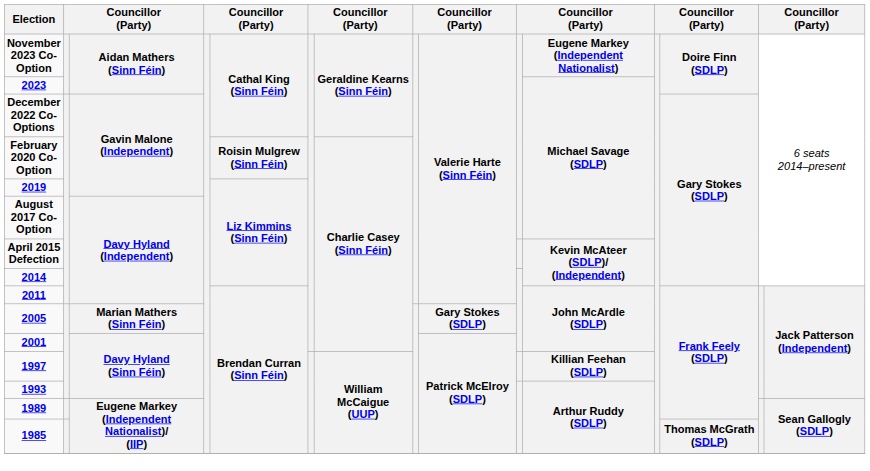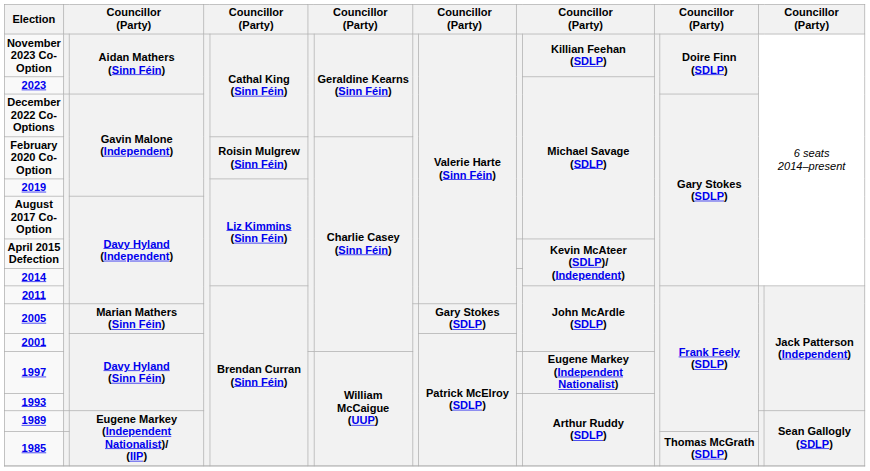 <table class="wikitable" style="text-align:center">
 <tr>
 <th scope="col" width="50">Election</th>
 <th scope="col" width="150" colspan = "2">Councillor<br> (Party)</th>
 <th scope="col" width="150" colspan = "2">Councillor<br> (Party)</th>
 <th scope="col" width="150" colspan = "2">Councillor<br> (Party)</th>
 <th scope="col" width="150" colspan = "2">Councillor<br> (Party)</th>
 <th scope="col" width="150" colspan = "2">Councillor<br> (Party)</th>
 <th scope="col" width="150" colspan = "2">Councillor<br> (Party)</th>
 <th scope="col" width="150" colspan = "2">Councillor<br> (Party)</th>
 </tr>
 <tr>
 <td><strong>November 2023 Co-Option</strong></td>
 <th rowspan="2" width="1" style="background-color: "></th>
 <th rowspan = "2">Aidan Mathers <br> (<a href='#'>Sinn Féin</a>)</th>
 <th rowspan="15" width="1" style="background-color: "></th>
 <th rowspan = "3">Cathal King <br> (<a href='#'>Sinn Féin</a>)</th>
 <th rowspan="11" width="1" style="background-color: "></th>
 <th rowspan = "3">Geraldine Kearns <br> (<a href='#'>Sinn Féin</a>)</th>
 <th rowspan="9" width="1" style="background-color: "></th>
 <th rowspan = "9">Valerie Harte <br> (<a href='#'>Sinn Féin</a>)</th>
 <th rowspan="6" width="1" style="background-color: "></th>
-<th rowspan = "1">Eugene Markey <br> (<a href='#'>Independent Nationalist</a>)</th>
+<th rowspan = "1">Killian Feehan <br> (<a href='#'>SDLP</a>)</th>
 <th rowspan="15" width="1" style="background-color: "></th>
 <th rowspan = "2">Doire Finn <br> (<a href='#'>SDLP</a>)</th>
 <td colspan="2" rowspan="8" style="background-color:#FFFFFF"><em>6 seats<br>2014–present</em></td>
 </tr>
 <tr>
 <td><strong><a href='#'>2023</a></strong></td>
 <th rowspan = "5">Michael Savage <br> (<a href='#'>SDLP</a>)</th>
 </tr>
 <tr>
 <td><strong>December 2022 Co-Options</strong></td>
 <th rowspan="7" width="1" style="background-color: "></th>
 <th rowspan = "3">Gavin Malone <br> (<a href='#'>Independent</a>)</th>
 <th rowspan = "6">Gary Stokes <br> (<a href='#'>SDLP</a>)</th>
 </tr>
 <tr>
 <td><strong>February 2020 Co-Option</strong></td>
 <th rowspan = "1">Roisin Mulgrew <br> (<a href='#'>Sinn Féin</a>)</th>
 <th rowspan = "8">Charlie Casey <br> (<a href='#'>Sinn Féin</a>)</th>
 </tr>
 <tr>
 <td><strong><a href='#'>2019</a></strong></td>
 <th rowspan = "4"><a href='#'>Liz Kimmins</a> <br> (<a href='#'>Sinn Féin</a>)</th>
 </tr>
 <tr>
 <td><strong>August 2017 Co-Option</strong></td>
 <th rowspan = "4"><a href='#'>Davy Hyland</a> <br> (<a href='#'>Independent</a>)</th>
 </tr>
 <tr>
 <td><strong>April 2015 Defection</strong></td>
 <th rowspan="1" width="1" style="background-color: "></th>
 <th rowspan = "2">Kevin McAteer <br> (<a href='#'>SDLP</a>)/ <br> (<a href='#'>Independent</a>)</th>
 </tr>
 <tr>
 <td><strong><a href='#'>2014</a></strong></td>
 <th rowspan="4" width="1" style="background-color: "></th>
 </tr>
 <tr>
 <td><strong><a href='#'>2011</a></strong></td>
 <th rowspan = "7">Brendan Curran <br> (<a href='#'>Sinn Féin</a>)</th>
 <th rowspan = "3">John McArdle <br> (<a href='#'>SDLP</a>)</th>
 <th rowspan = "6"><a href='#'>Frank Feely</a> <br> (<a href='#'>SDLP</a>)</th>
 <th rowspan="5" width="1" style="background-color: "></th>
 <th rowspan = "5">Jack Patterson <br> (<a href='#'>Independent</a>)</th>
 </tr>
 <tr>
 <td><strong><a href='#'>2005</a></strong></td>
 <th rowspan="4" width="1" style="background-color: "></th>
 <th rowspan = "1">Marian Mathers <br> (<a href='#'>Sinn Féin</a>)</th>
 <th rowspan="6" width="1" style="background-color: "></th>
 <th rowspan = "1">Gary Stokes <br> (<a href='#'>SDLP</a>)</th>
 </tr>
 <tr>
 <td><strong><a href='#'>2001</a></strong></td>
 <th rowspan = "3"><a href='#'>Davy Hyland</a> <br> (<a href='#'>Sinn Féin</a>)</th>
 <th rowspan = "5">Patrick McElroy <br> (<a href='#'>SDLP</a>)</th>
 </tr>
 <tr>
 <td><strong><a href='#'>1997</a></strong></td>
 <th rowspan="4" width="1" style="background-color: "></th>
 <th rowspan = "4">William McCaigue <br> (<a href='#'>UUP</a>)</th>
 <th rowspan="1" width="1" style="background-color: "></th>
-<th rowspan = "1">Killian Feehan <br> (<a href='#'>SDLP</a>)</th>
+<th rowspan = "1">Eugene Markey <br> (<a href='#'>Independent Nationalist</a>)</th>
 </tr>
 <tr>
 <td><strong><a href='#'>1993</a></strong></td>
 <th rowspan="3" width="1" style="background-color: "></th>
 <th rowspan = "3">Arthur Ruddy <br> (<a href='#'>SDLP</a>)</th>
 </tr>
 <tr>
 <td><strong><a href='#'>1989</a></strong></td>
 <th rowspan="1" width="1" style="background-color: "></th>
 <th rowspan = "2">Eugene Markey <br> (<a href='#'>Independent Nationalist</a>)/ <br> (<a href='#'>IIP</a>)</th>
 <th rowspan="2" width="1" style="background-color: "></th>
 <th rowspan = "2">Sean Gallogly <br> (<a href='#'>SDLP</a>)</th>
 </tr>
 <tr>
 <td><strong><a href='#'>1985</a></strong></td>
 <th rowspan="1" width="1" style="background-color: "></th>
 <th rowspan = "1">Thomas McGrath <br> (<a href='#'>SDLP</a>)</th>
 </tr>
 <tr>
 </tr>
 </table>
